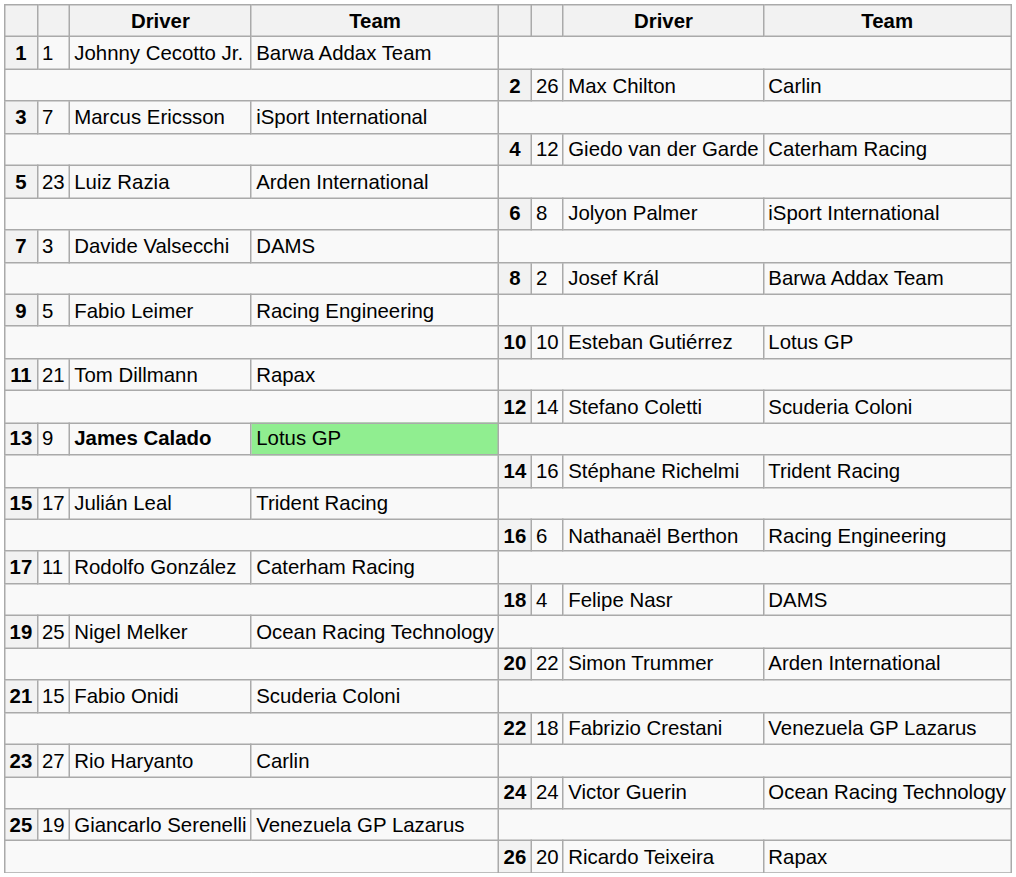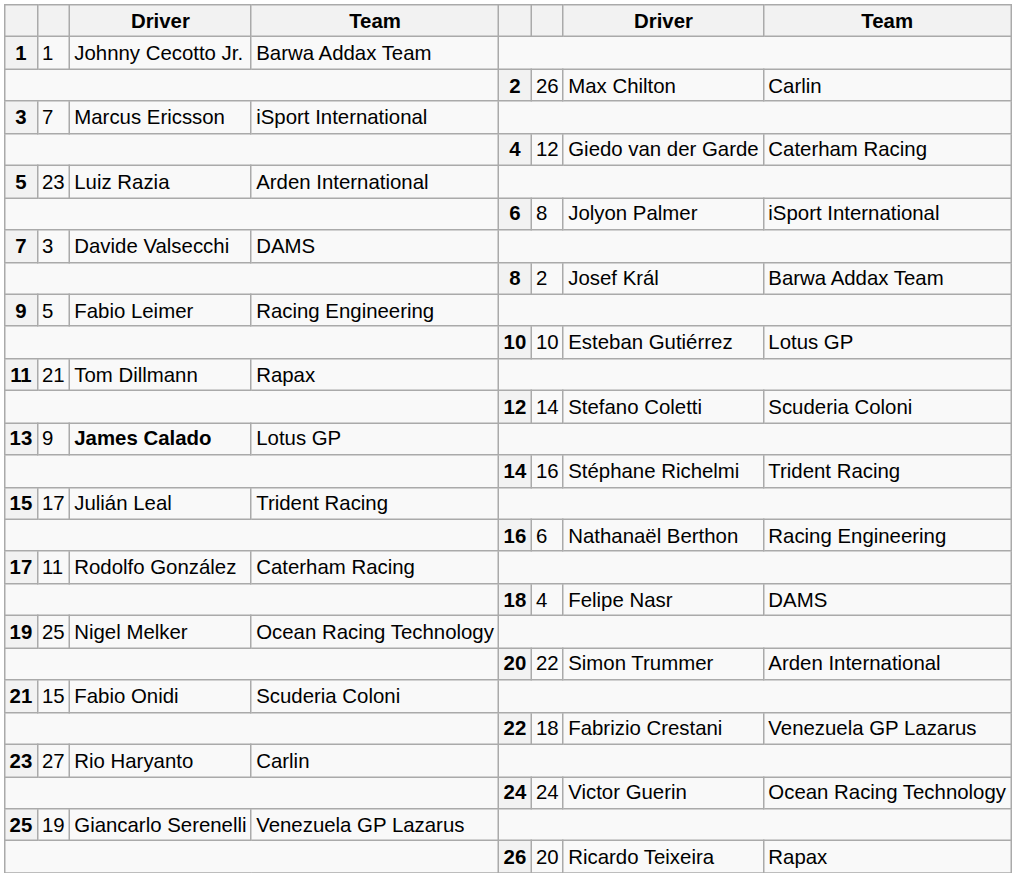 <table class="wikitable" style="font-size:85%">
 <tr>
 <th></th>
 <th></th>
 <th>Driver</th>
 <th>Team</th>
 <th></th>
 <th></th>
 <th>Driver</th>
 <th>Team</th>
 </tr>
 <tr>
 <th>1</th>
 <td>1</td>
 <td> Johnny Cecotto Jr.</td>
 <td>Barwa Addax Team</td>
 <td colspan="4"></td>
 </tr>
 <tr>
 <td colspan="4"></td>
 <th>2</th>
 <td>26</td>
 <td> Max Chilton</td>
 <td>Carlin</td>
 </tr>
 <tr>
 <th>3</th>
 <td>7</td>
 <td> Marcus Ericsson</td>
 <td>iSport International</td>
 <td colspan="4"></td>
 </tr>
 <tr>
 <td colspan="4"></td>
 <th>4</th>
 <td>12</td>
 <td> Giedo van der Garde</td>
 <td>Caterham Racing</td>
 </tr>
 <tr>
 <th>5</th>
 <td>23</td>
 <td> Luiz Razia</td>
 <td>Arden International</td>
 <td colspan="4"></td>
 </tr>
 <tr>
 <td colspan="4"></td>
 <th>6</th>
 <td>8</td>
 <td> Jolyon Palmer</td>
 <td>iSport International</td>
 </tr>
 <tr>
 <th>7</th>
 <td>3</td>
 <td> Davide Valsecchi</td>
 <td>DAMS</td>
 <td colspan="4"></td>
 </tr>
 <tr>
 <td colspan="4"></td>
 <th>8</th>
 <td>2</td>
 <td> Josef Král</td>
 <td>Barwa Addax Team</td>
 </tr>
 <tr>
 <th>9</th>
 <td>5</td>
 <td> Fabio Leimer</td>
 <td>Racing Engineering</td>
 <td colspan="4"></td>
 </tr>
 <tr>
 <td colspan="4"></td>
 <th>10</th>
 <td>10</td>
 <td> Esteban Gutiérrez</td>
 <td>Lotus GP</td>
 </tr>
 <tr>
 <th>11</th>
 <td>21</td>
 <td> Tom Dillmann</td>
 <td>Rapax</td>
 <td colspan="4"></td>
 </tr>
 <tr>
 <td colspan="4"></td>
 <th>12</th>
 <td>14</td>
 <td> Stefano Coletti</td>
 <td>Scuderia Coloni</td>
 </tr>
 <tr>
 <th>13</th>
 <td>9</td>
 <td><strong> James Calado</strong></td>
-<td style="background: lightgreen;">Lotus GP</td>
+<td>Lotus GP</td>
 <td colspan="4"></td>
 </tr>
 <tr>
 <td colspan="4"></td>
 <th>14</th>
 <td>16</td>
 <td> Stéphane Richelmi</td>
 <td>Trident Racing</td>
 </tr>
 <tr>
 <th>15</th>
 <td>17</td>
 <td> Julián Leal</td>
 <td>Trident Racing</td>
 <td colspan="4"></td>
 </tr>
 <tr>
 <td colspan="4"></td>
 <th>16</th>
 <td>6</td>
 <td> Nathanaël Berthon</td>
 <td>Racing Engineering</td>
 </tr>
 <tr>
 <th>17</th>
 <td>11</td>
 <td> Rodolfo González</td>
 <td>Caterham Racing</td>
 <td colspan="4"></td>
 </tr>
 <tr>
 <td colspan="4"></td>
 <th>18</th>
 <td>4</td>
 <td> Felipe Nasr</td>
 <td>DAMS</td>
 </tr>
 <tr>
 <th>19</th>
 <td>25</td>
 <td> Nigel Melker</td>
 <td>Ocean Racing Technology</td>
 <td colspan="4"></td>
 </tr>
 <tr>
 <td colspan="4"></td>
 <th>20</th>
 <td>22</td>
 <td> Simon Trummer</td>
 <td>Arden International</td>
 </tr>
 <tr>
 <th>21</th>
 <td>15</td>
 <td> Fabio Onidi</td>
 <td>Scuderia Coloni</td>
 <td colspan="4"></td>
 </tr>
 <tr>
 <td colspan="4"></td>
 <th>22</th>
 <td>18</td>
 <td> Fabrizio Crestani</td>
 <td>Venezuela GP Lazarus</td>
 </tr>
 <tr>
 <th>23</th>
 <td>27</td>
 <td> Rio Haryanto</td>
 <td>Carlin</td>
 <td colspan="4"></td>
 </tr>
 <tr>
 <td colspan="4"></td>
 <th>24</th>
 <td>24</td>
 <td> Victor Guerin</td>
 <td>Ocean Racing Technology</td>
 </tr>
 <tr>
 <th>25</th>
 <td>19</td>
 <td> Giancarlo Serenelli</td>
 <td>Venezuela GP Lazarus</td>
 <td colspan="4"></td>
 </tr>
 <tr>
 <td colspan="4"></td>
 <th>26</th>
 <td>20</td>
 <td> Ricardo Teixeira</td>
 <td>Rapax</td>
 </tr>
 <tr>
 </tr>
 </table>
